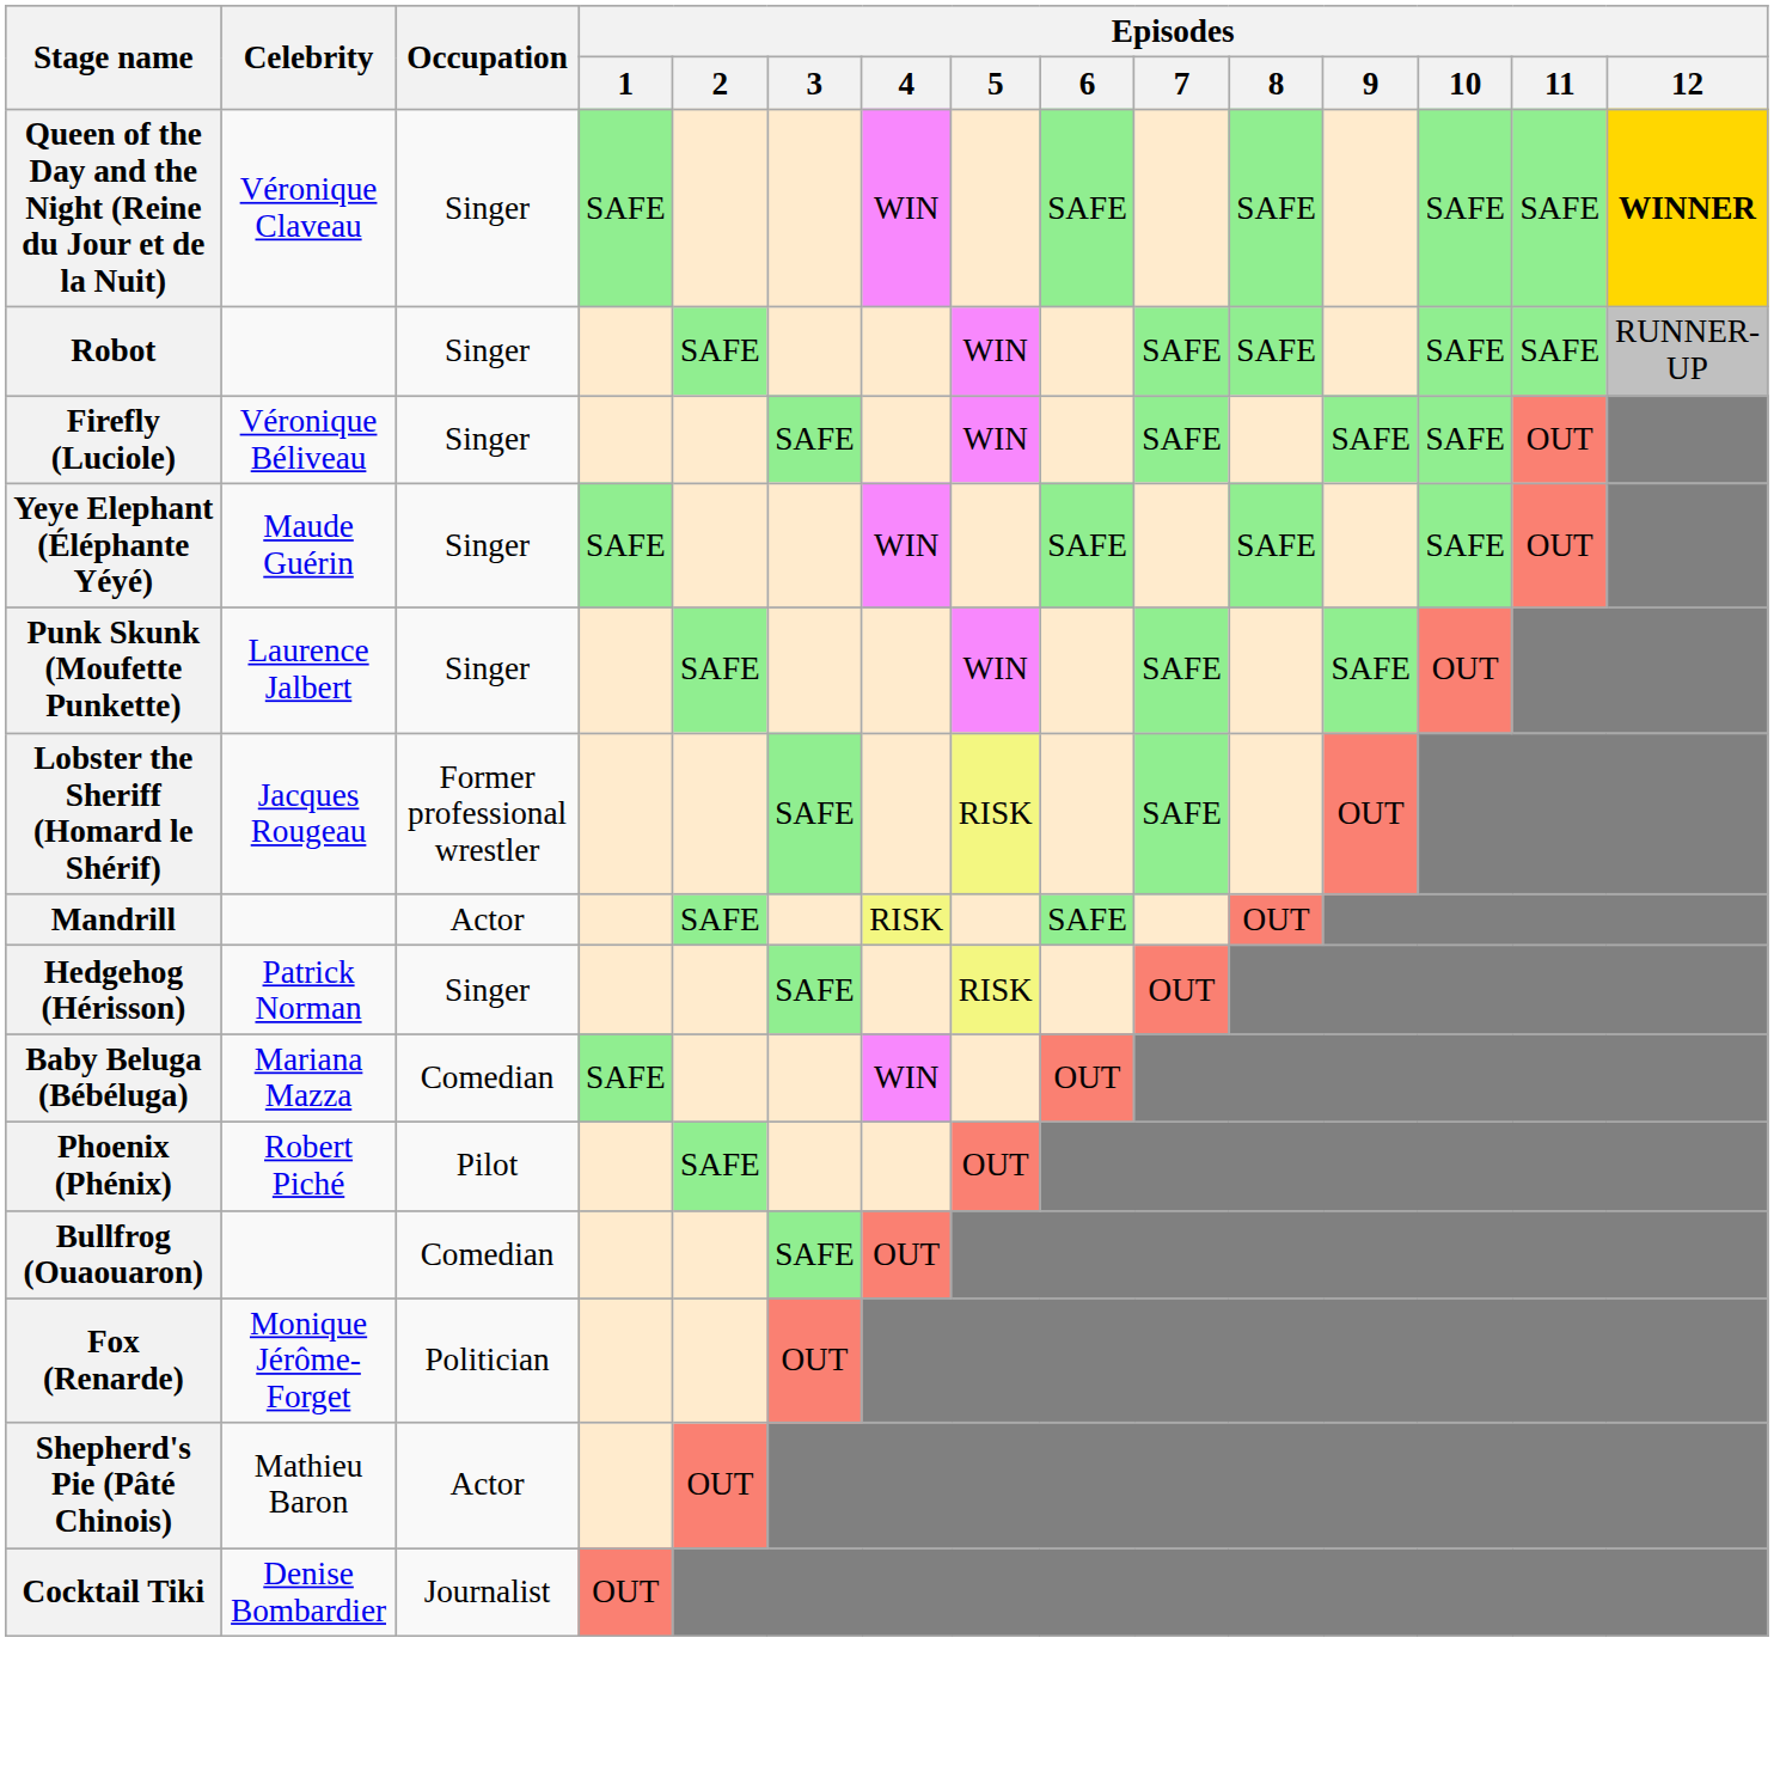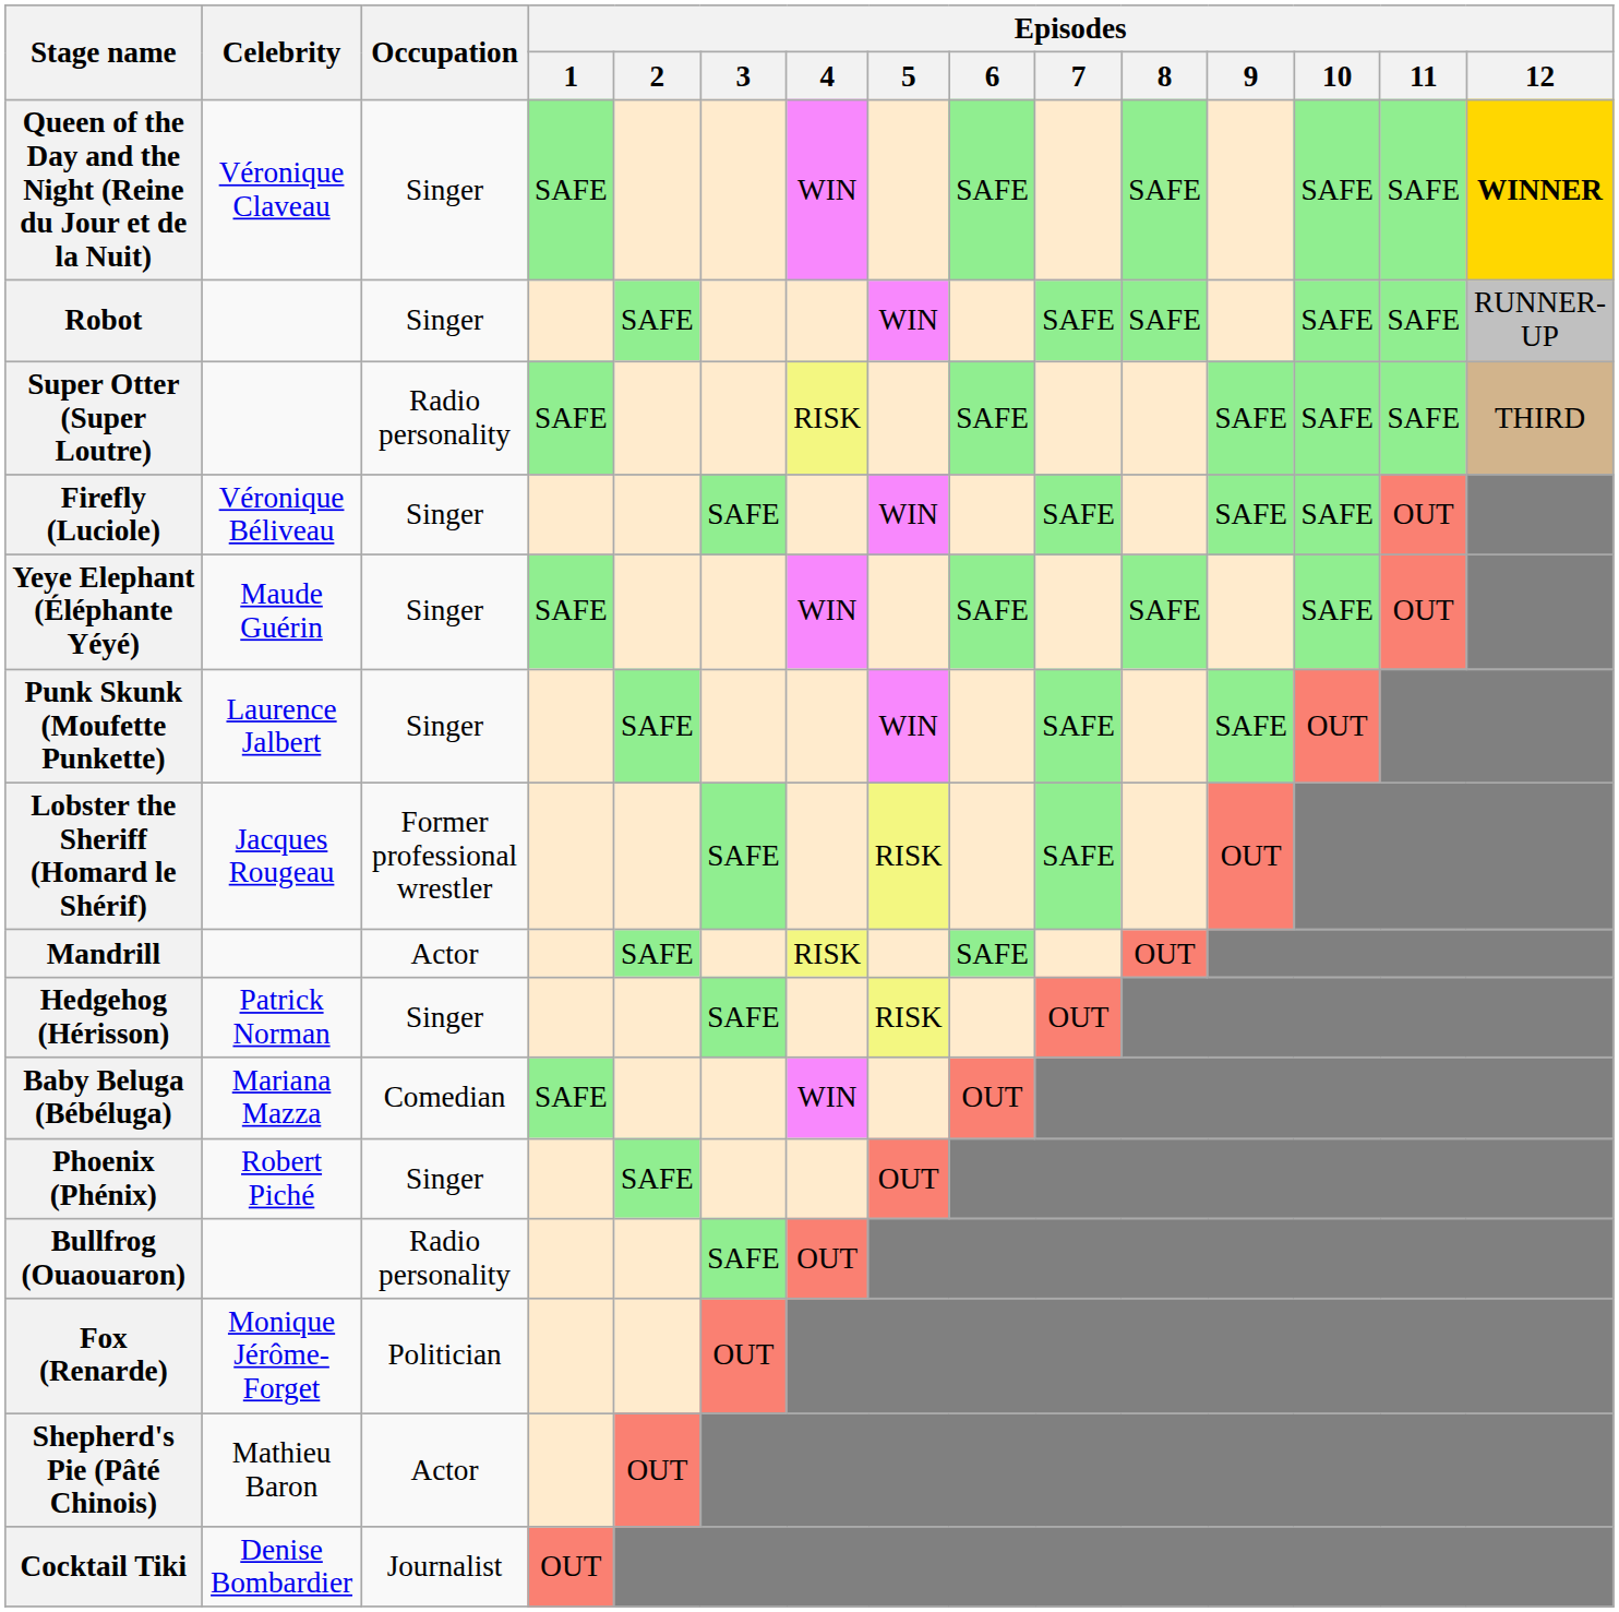 <table class="wikitable" style="text-align:center; ">
 <tr>
 <th rowspan="2">Stage name</th>
 <th rowspan="2">Celebrity</th>
 <th rowspan="2">Occupation</th>
 <th colspan="12">Episodes</th>
 </tr>
 <tr>
 <th>1</th>
 <th>2</th>
 <th>3</th>
 <th>4</th>
 <th>5</th>
 <th>6</th>
 <th>7</th>
 <th>8</th>
 <th>9</th>
 <th>10</th>
 <th>11</th>
 <th>12</th>
 </tr>
 <tr>
 <th>Queen of the Day and the Night (Reine du Jour et de la Nuit)</th>
 <td><a href='#'>Véronique Claveau</a></td>
 <td>Singer</td>
 <td bgcolor="lightgreen">SAFE</td>
 <td bgcolor="#FFEBCD"></td>
 <td bgcolor="#FFEBCD"></td>
 <td bgcolor="F888FD">WIN</td>
 <td bgcolor="#FFEBCD"></td>
 <td bgcolor="lightgreen">SAFE</td>
 <td bgcolor="#FFEBCD"></td>
 <td bgcolor="lightgreen">SAFE</td>
 <td bgcolor="#FFEBCD"></td>
 <td bgcolor="lightgreen">SAFE</td>
 <td bgcolor="lightgreen">SAFE</td>
 <td bgcolor=gold><strong>WINNER</strong></td>
 </tr>
 <tr>
 <th>Robot</th>
 <td></td>
 <td>Singer</td>
 <td bgcolor="#FFEBCD"></td>
 <td bgcolor="lightgreen">SAFE</td>
 <td bgcolor="#FFEBCD"></td>
 <td bgcolor="#FFEBCD"></td>
 <td bgcolor="F888FD">WIN</td>
 <td bgcolor="#FFEBCD"></td>
 <td bgcolor="lightgreen">SAFE</td>
 <td bgcolor="lightgreen">SAFE</td>
 <td bgcolor="#FFEBCD"></td>
 <td bgcolor="lightgreen">SAFE</td>
 <td bgcolor="lightgreen">SAFE</td>
 <td bgcolor=silver>RUNNER-UP</td>
+</tr>
+<tr>
+<th>Super Otter (Super Loutre)</th>
+<td></td>
+<td>Radio personality</td>
+<td bgcolor="lightgreen">SAFE</td>
+<td bgcolor="#FFEBCD"></td>
+<td bgcolor="#FFEBCD"></td>
+<td bgcolor="F3F781">RISK</td>
+<td bgcolor="#FFEBCD"></td>
+<td bgcolor="lightgreen">SAFE</td>
+<td bgcolor="#FFEBCD"></td>
+<td bgcolor="#FFEBCD"></td>
+<td bgcolor="lightgreen">SAFE</td>
+<td bgcolor="lightgreen">SAFE</td>
+<td bgcolor="lightgreen">SAFE</td>
+<td bgcolor=tan>THIRD</td>
 </tr>
 <tr>
 <th>Firefly (Luciole)</th>
 <td><a href='#'>Véronique Béliveau</a></td>
 <td>Singer</td>
 <td bgcolor="#FFEBCD"></td>
 <td bgcolor="#FFEBCD"></td>
 <td bgcolor="lightgreen">SAFE</td>
 <td bgcolor="#FFEBCD"></td>
 <td bgcolor="F888FD">WIN</td>
 <td bgcolor="#FFEBCD"></td>
 <td bgcolor="lightgreen">SAFE</td>
 <td bgcolor="#FFEBCD"></td>
 <td bgcolor="lightgreen">SAFE</td>
 <td bgcolor="lightgreen">SAFE</td>
 <td bgcolor="salmon">OUT</td>
 <td bgcolor="grey"></td>
 </tr>
 <tr>
 <th>Yeye Elephant (Éléphante Yéyé)</th>
 <td><a href='#'>Maude Guérin</a></td>
 <td>Singer</td>
 <td bgcolor="lightgreen">SAFE</td>
 <td bgcolor="#FFEBCD"></td>
 <td bgcolor="#FFEBCD"></td>
 <td bgcolor="F888FD">WIN</td>
 <td bgcolor="#FFEBCD"></td>
 <td bgcolor="lightgreen">SAFE</td>
 <td bgcolor="#FFEBCD"></td>
 <td bgcolor="lightgreen">SAFE</td>
 <td bgcolor="#FFEBCD"></td>
 <td bgcolor="lightgreen">SAFE</td>
 <td bgcolor="salmon">OUT</td>
 <td bgcolor="grey"></td>
 </tr>
 <tr>
 <th>Punk Skunk (Moufette Punkette)</th>
 <td><a href='#'>Laurence Jalbert</a></td>
 <td>Singer</td>
 <td bgcolor="#FFEBCD"></td>
 <td bgcolor="lightgreen">SAFE</td>
 <td bgcolor="#FFEBCD"></td>
 <td bgcolor="#FFEBCD"></td>
 <td bgcolor="F888FD">WIN</td>
 <td bgcolor="#FFEBCD"></td>
 <td bgcolor="lightgreen">SAFE</td>
 <td bgcolor="#FFEBCD"></td>
 <td bgcolor="lightgreen">SAFE</td>
 <td bgcolor="salmon">OUT</td>
 <td colspan="2" bgcolor="grey"></td>
 </tr>
 <tr>
 <th>Lobster the Sheriff (Homard le Shérif)</th>
 <td><a href='#'>Jacques Rougeau</a></td>
 <td>Former professional wrestler</td>
 <td bgcolor="#FFEBCD"></td>
 <td bgcolor="#FFEBCD"></td>
 <td bgcolor="lightgreen">SAFE</td>
 <td bgcolor="#FFEBCD"></td>
 <td bgcolor="F3F781">RISK</td>
 <td bgcolor="#FFEBCD"></td>
 <td bgcolor="lightgreen">SAFE</td>
 <td bgcolor="#FFEBCD"></td>
 <td bgcolor="salmon">OUT</td>
 <td colspan="3" bgcolor="grey"></td>
 </tr>
 <tr>
 <th>Mandrill</th>
 <td></td>
 <td>Actor</td>
 <td bgcolor="#FFEBCD"></td>
 <td bgcolor="lightgreen">SAFE</td>
 <td bgcolor="#FFEBCD"></td>
 <td bgcolor="F3F781">RISK</td>
 <td bgcolor="#FFEBCD"></td>
 <td bgcolor="lightgreen">SAFE</td>
 <td bgcolor="#FFEBCD"></td>
 <td bgcolor=salmon>OUT</td>
 <td colspan="4" bgcolor="grey"></td>
 </tr>
 <tr>
 <th>Hedgehog (Hérisson)</th>
 <td><a href='#'>Patrick Norman</a></td>
 <td>Singer</td>
 <td bgcolor="#FFEBCD"></td>
 <td bgcolor="#FFEBCD"></td>
 <td bgcolor="lightgreen">SAFE</td>
 <td bgcolor="#FFEBCD"></td>
 <td bgcolor="F3F781">RISK</td>
 <td bgcolor="#FFEBCD"></td>
 <td bgcolor=salmon>OUT</td>
 <td colspan="5" bgcolor="grey"></td>
 </tr>
 <tr>
 <th>Baby Beluga (Bébéluga)</th>
 <td><a href='#'>Mariana Mazza</a></td>
 <td>Comedian</td>
 <td bgcolor="lightgreen">SAFE</td>
 <td bgcolor="#FFEBCD"></td>
 <td bgcolor="#FFEBCD"></td>
 <td bgcolor="F888FD">WIN</td>
 <td bgcolor="#FFEBCD"></td>
 <td bgcolor=salmon>OUT</td>
 <td colspan="6" bgcolor="grey"></td>
 </tr>
 <tr>
 <th>Phoenix (Phénix)</th>
 <td><a href='#'>Robert Piché</a></td>
-<td>Pilot</td>
+<td>Singer</td>
 <td bgcolor="#FFEBCD"></td>
 <td bgcolor="lightgreen">SAFE</td>
 <td bgcolor="#FFEBCD"></td>
 <td bgcolor="#FFEBCD"></td>
 <td bgcolor=salmon>OUT</td>
 <td colspan="7" bgcolor="grey"></td>
 </tr>
 <tr>
 <th>Bullfrog (Ouaouaron)</th>
 <td></td>
-<td>Comedian</td>
+<td>Radio personality</td>
 <td bgcolor="#FFEBCD"></td>
 <td bgcolor="#FFEBCD"></td>
 <td bgcolor="lightgreen">SAFE</td>
 <td bgcolor=salmon>OUT</td>
 <td colspan="8" bgcolor="grey"></td>
 </tr>
 <tr>
 <th>Fox (Renarde)</th>
 <td><a href='#'>Monique Jérôme-Forget</a></td>
 <td>Politician</td>
 <td bgcolor="#FFEBCD"></td>
 <td bgcolor="#FFEBCD"></td>
 <td bgcolor=salmon>OUT</td>
 <td colspan="9" bgcolor="grey"></td>
 </tr>
 <tr>
 <th>Shepherd's Pie (Pâté Chinois)</th>
 <td>Mathieu Baron</td>
 <td>Actor</td>
 <td bgcolor="#FFEBCD"></td>
 <td bgcolor=salmon>OUT</td>
 <td colspan="10" bgcolor="grey"></td>
 </tr>
 <tr>
 <th>Cocktail Tiki</th>
 <td><a href='#'>Denise Bombardier</a></td>
 <td>Journalist</td>
 <td bgcolor=salmon>OUT</td>
 <td colspan="11" bgcolor="grey"></td>
 </tr>
 </table>
